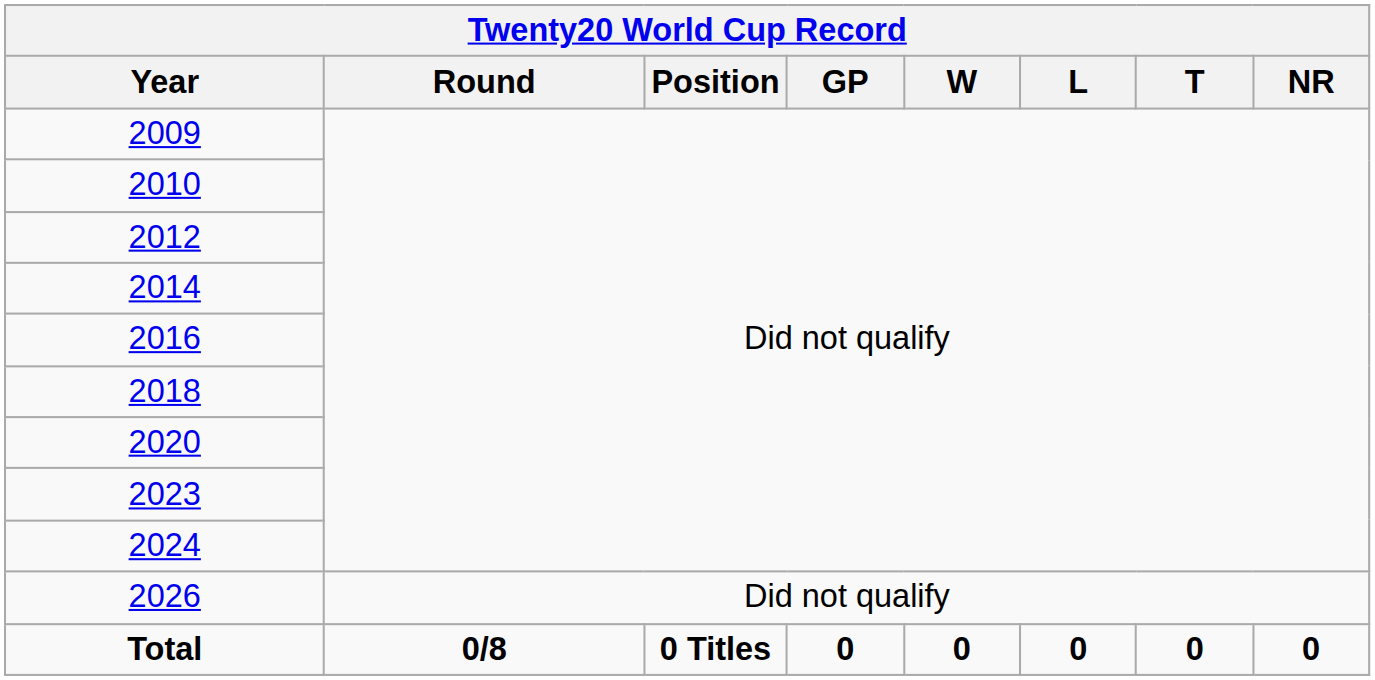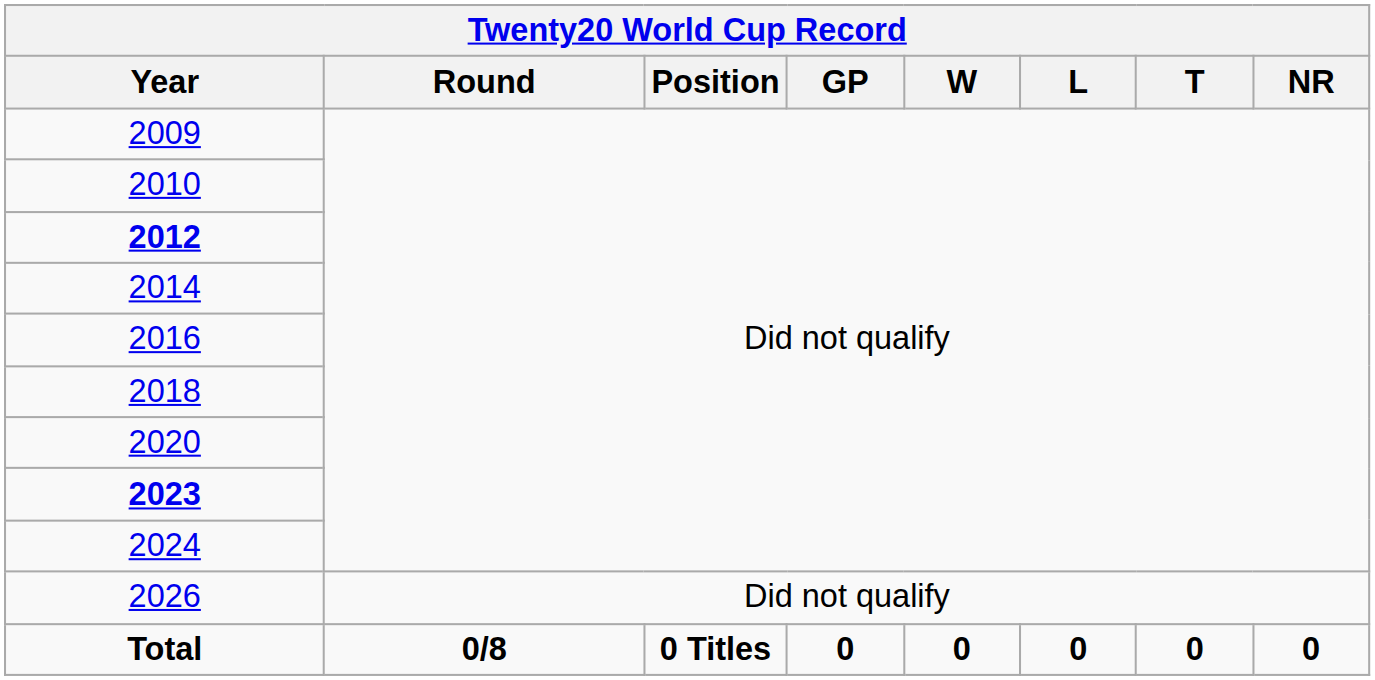 <table class="wikitable" style="text-align: center; width=900px;">
 <tr>
 <th colspan="8"><a href='#'>Twenty20 World Cup Record</a></th>
 </tr>
 <tr>
 <th width=150>Year</th>
 <th width=150>Round</th>
 <th width=50>Position</th>
 <th width=50>GP</th>
 <th width=50>W</th>
 <th width=50>L</th>
 <th width=50>T</th>
 <th width=50>NR</th>
 </tr>
 <tr>
 <td> <a href='#'>2009</a></td>
 <td colspan=7  rowspan=9>Did not qualify</td>
 </tr>
 <tr>
 <td> <a href='#'>2010</a></td>
 </tr>
 <tr>
-<td> <a href='#'>2012</a></td>
+<td><strong> <a href='#'>2012</a></strong></td>
 </tr>
 <tr>
 <td> <a href='#'>2014</a></td>
 </tr>
 <tr>
 <td> <a href='#'>2016</a></td>
 </tr>
 <tr>
 <td> <a href='#'>2018</a></td>
 </tr>
 <tr>
 <td> <a href='#'>2020</a></td>
 </tr>
 <tr>
-<td> <a href='#'>2023</a></td>
+<td><strong> <a href='#'>2023</a></strong></td>
 </tr>
 <tr>
 <td> <a href='#'>2024</a></td>
 </tr>
 <tr>
 <td> <a href='#'>2026</a></td>
 <td colspan=8>Did not qualify</td>
 </tr>
 <tr>
 <td><strong>Total</strong></td>
 <td><strong>0/8</strong></td>
 <td><strong>0 Titles</strong></td>
 <td><strong>0</strong></td>
 <td><strong>0</strong></td>
 <td><strong>0</strong></td>
 <td><strong>0</strong></td>
 <td><strong>0</strong></td>
 </tr>
 </table>
